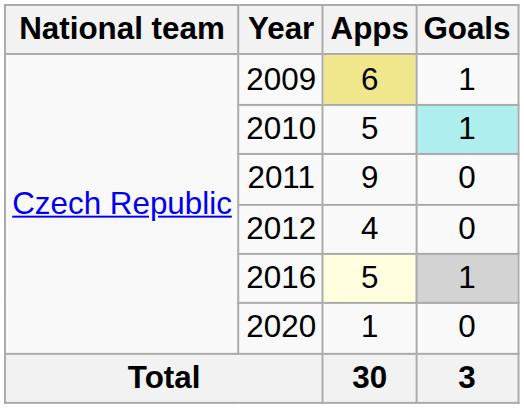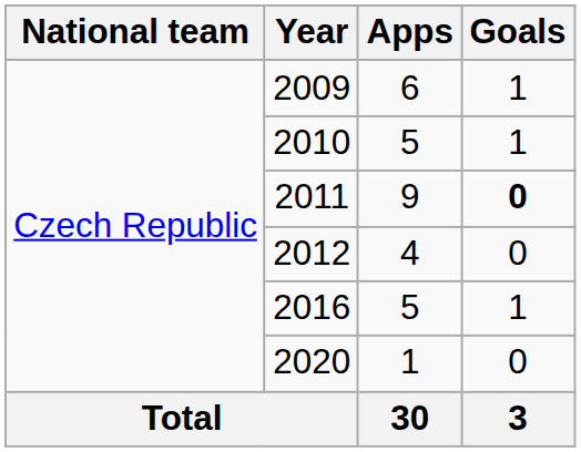 <table class="wikitable" style="text-align:center">
 <tr>
 <th>National team</th>
 <th>Year</th>
 <th>Apps</th>
 <th>Goals</th>
 </tr>
 <tr>
 <td rowspan="6"><a href='#'>Czech Republic</a></td>
 <td>2009</td>
-<td style="background: khaki;">6</td>
+<td>6</td>
 <td>1</td>
 </tr>
 <tr>
 <td>2010</td>
 <td>5</td>
-<td style="background: paleturquoise;">1</td>
+<td>1</td>
 </tr>
 <tr>
 <td>2011</td>
 <td>9</td>
-<td>0</td>
+<td><strong>0</strong></td>
 </tr>
 <tr>
 <td>2012</td>
 <td>4</td>
 <td>0</td>
 </tr>
 <tr>
 <td>2016</td>
-<td style="background: lightyellow;">5</td>
-<td style="background: lightgrey;">1</td>
+<td>5</td>
+<td>1</td>
 </tr>
 <tr>
 <td>2020</td>
 <td>1</td>
 <td>0</td>
 </tr>
 <tr>
 <th colspan="2">Total</th>
 <th>30</th>
 <th>3</th>
 </tr>
 </table>
